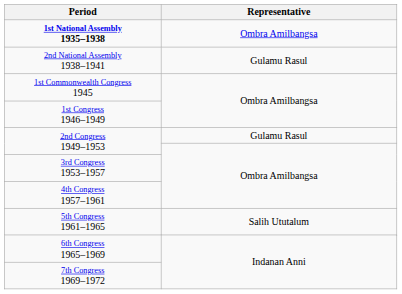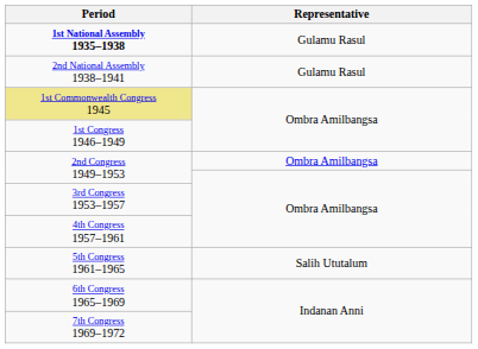 <table class="wikitable" style="text-align:center; width:40%;">
 <tr>
 <th width="40%">Period</th>
 <th>Representative</th>
 </tr>
 <tr>
 <td><strong><small><a href='#'>1st National Assembly</a></small><br>1935–1938</strong></td>
-<td><a href='#'>Ombra Amilbangsa</a></td>
+<td>Gulamu Rasul</td>
 </tr>
 <tr>
 <td><small><a href='#'>2nd National Assembly</a></small><br>1938–1941</td>
 <td>Gulamu Rasul</td>
 </tr>
 <tr>
-<td><small><a href='#'>1st Commonwealth Congress</a></small><br>1945</td>
+<td style="background: khaki;"><small><a href='#'>1st Commonwealth Congress</a></small><br>1945</td>
 <td rowspan="2">Ombra Amilbangsa</td>
 </tr>
 <tr>
 <td><small><a href='#'>1st Congress</a></small><br>1946–1949</td>
 </tr>
 <tr>
 <td rowspan="2"><small><a href='#'>2nd Congress</a></small><br>1949–1953</td>
-<td>Gulamu Rasul</td>
+<td><a href='#'>Ombra Amilbangsa</a></td>
 </tr>
 <tr>
 <td rowspan="3">Ombra Amilbangsa</td>
 </tr>
 <tr>
 <td><small><a href='#'>3rd Congress</a></small><br>1953–1957</td>
 </tr>
 <tr>
 <td><small><a href='#'>4th Congress</a></small><br>1957–1961</td>
 </tr>
 <tr>
 <td><small><a href='#'>5th Congress</a></small><br>1961–1965</td>
 <td rowspan="2">Salih Ututalum</td>
 </tr>
 <tr>
 <td rowspan="2"><small><a href='#'>6th Congress</a></small><br>1965–1969</td>
 </tr>
 <tr>
 <td rowspan="2">Indanan Anni</td>
 </tr>
 <tr>
 <td><small><a href='#'>7th Congress</a></small><br>1969–1972</td>
 </tr>
 </table>
